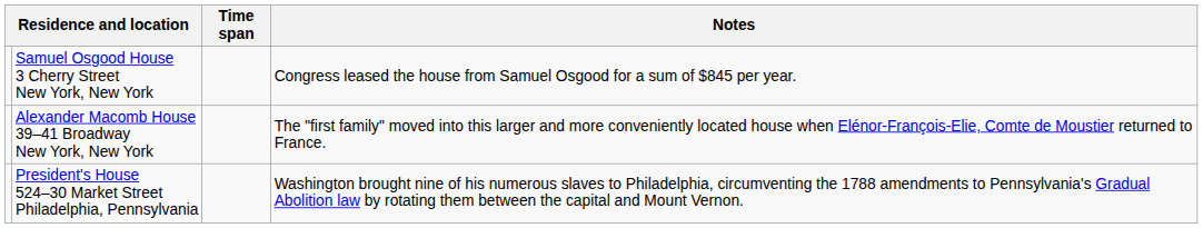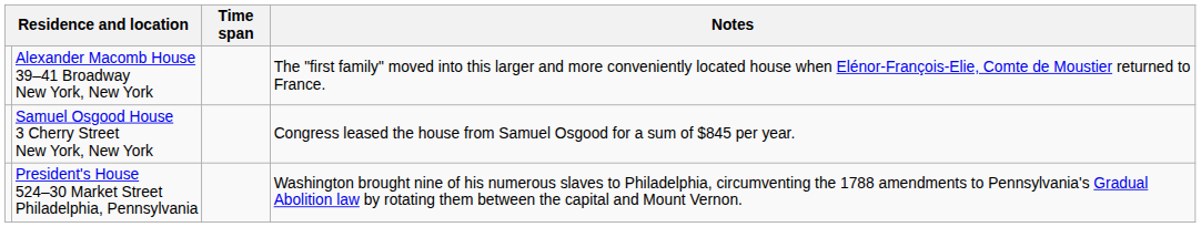 <table class=" wikitable" style="align:left">
 <tr>
 <th colspan=2>Residence and location</th>
 <th>Time span</th>
 <th>Notes</th>
+</tr>
+<tr>
+<td></td>
+<td><a href='#'>Alexander Macomb House</a><br>39–41 Broadway<br>New York, New York</td>
+<td></td>
+<td>The "first family" moved into this larger and more conveniently located house when <a href='#'>Elénor-François-Elie, Comte de Moustier</a> returned to France.</td>
 </tr>
 <tr>
 <td></td>
 <td><a href='#'>Samuel Osgood House</a><br>3 Cherry Street<br>New York, New York</td>
 <td></td>
 <td>Congress leased the house from Samuel Osgood for a sum of $845 per year.</td>
 </tr>
 <tr>
 <td></td>
-<td><a href='#'>Alexander Macomb House</a><br>39–41 Broadway<br>New York, New York</td>
-<td></td>
-<td>The "first family" moved into this larger and more conveniently located house when <a href='#'>Elénor-François-Elie, Comte de Moustier</a> returned to France.</td>
-</tr>
-<tr>
-<td></td>
 <td nowrap><a href='#'>President's House</a><br>524–30 Market Street<br>Philadelphia, Pennsylvania</td>
 <td nowrap></td>
 <td>Washington brought nine of his numerous slaves to Philadelphia, circumventing the 1788 amendments to Pennsylvania's <a href='#'>Gradual Abolition law</a> by rotating them between the capital and Mount Vernon.</td>
 </tr>
 </table>
